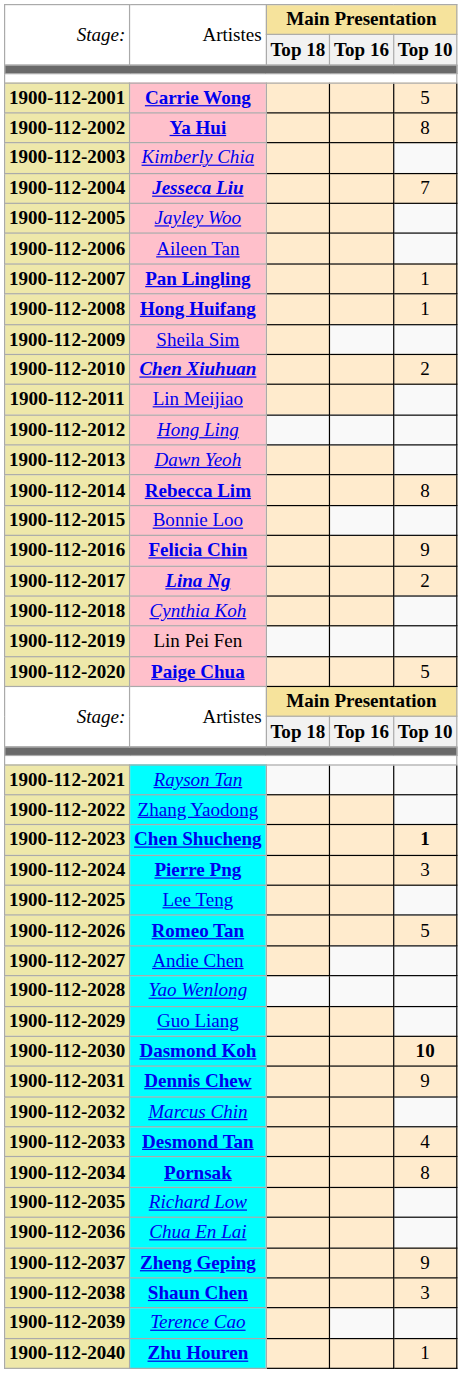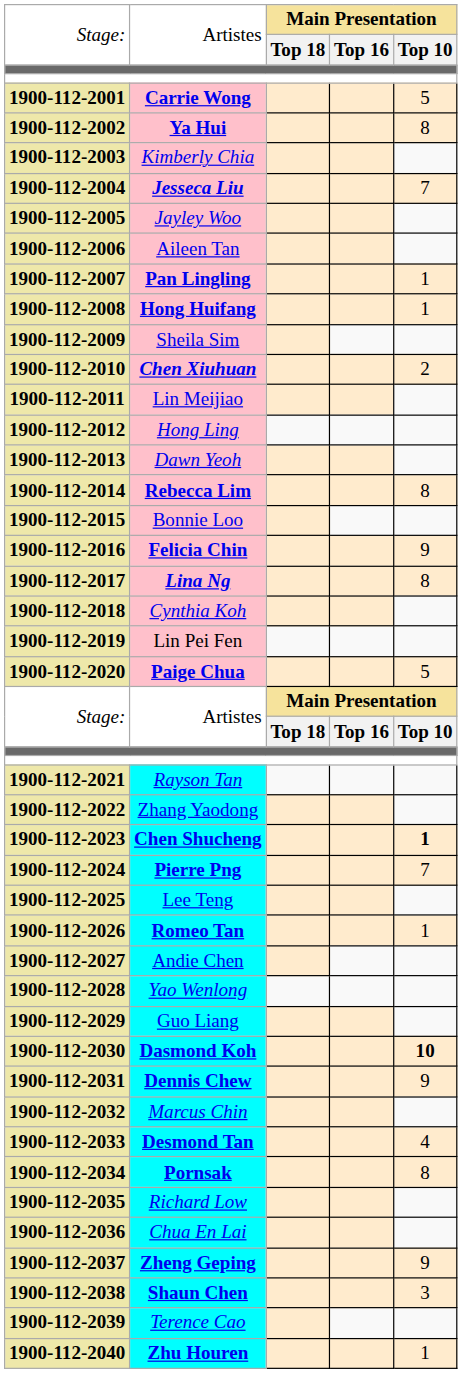 <table class="wikitable">
 <tr>
 <td colspan=1 bgcolor="White" align="right" rowspan="2"><em>Stage:</em></td>
 <td rowspan=2 bgcolor="White" align="right">Artistes</td>
 <td colspan=4 bgcolor="#f6e39c" align="center"><strong>Main Presentation</strong></td>
 </tr>
 <tr>
 <th align="center">Top 18</th>
 <th align="center">Top 16</th>
 <th align="center">Top 10</th>
 </tr>
 <tr>
 <td colspan=5 bgcolor="#696969" align="center"></td>
 </tr>
 <tr>
 <td colspan=5 bgcolor="White"></td>
 </tr>
 <tr>
 <td bgcolor="palegoldenrod" align="center"><strong>1900-112-2001</strong></td>
 <td bgcolor="Pink" align="center"><strong><a href='#'>Carrie Wong</a></strong></td>
 <td style="background:#FFEBCD; border:1px solid black; text-align:center;"></td>
 <td style="background:#FFEBCD; border:1px solid black; text-align:center;"></td>
 <td style="background:#FFEBCD; border:1px solid black; text-align:center;">5</td>
 </tr>
 <tr>
 <td bgcolor="palegoldenrod" align="center"><strong>1900-112-2002</strong></td>
 <td bgcolor="pink" align="center"><strong><a href='#'>Ya Hui</a></strong></td>
 <td style="background:#FFEBCD; border:1px solid black; text-align:center;"></td>
 <td style="background:#FFEBCD; border:1px solid black; text-align:center;"></td>
 <td style="background:#FFEBCD; border:1px solid black; text-align:center;">8</td>
 </tr>
 <tr>
 <td bgcolor="palegoldenrod" align="center"><strong>1900-112-2003</strong></td>
 <td bgcolor="pink" align="center"><em><a href='#'>Kimberly Chia</a></em></td>
 <td style="background:#FFEBCD; border:1px solid black; text-align:center;"></td>
 <td style="background:#FFEBCD; border:1px solid black; text-align:center;"></td>
 <td style="border:1px solid black;"></td>
 </tr>
 <tr>
 <td bgcolor="palegoldenrod" align="center"><strong>1900-112-2004</strong></td>
 <td bgcolor="pink" align="center"><strong><em><a href='#'>Jesseca Liu</a></em></strong></td>
 <td style="background:#FFEBCD; border:1px solid black; text-align:center;"></td>
 <td style="background:#FFEBCD; border:1px solid black; text-align:center;"></td>
 <td style="background:#FFEBCD; border:1px solid black; text-align:center;">7</td>
 </tr>
 <tr>
 <td bgcolor="palegoldenrod" align="center"><strong>1900-112-2005</strong></td>
 <td bgcolor="pink" align="center"><em><a href='#'>Jayley Woo</a></em></td>
 <td style="background:#FFEBCD; border:1px solid black; text-align:center;"></td>
 <td style="background:#FFEBCD; border:1px solid black; text-align:center;"></td>
 <td style="border:1px solid black;"></td>
 </tr>
 <tr>
 <td bgcolor="palegoldenrod" align="center"><strong>1900-112-2006</strong></td>
 <td bgcolor="pink" align="center"><a href='#'>Aileen Tan</a></td>
 <td style="background:#FFEBCD; border:1px solid black; text-align:center;"></td>
 <td style="background:#FFEBCD; border:1px solid black; text-align:center;"></td>
 <td style="border:1px solid black;"></td>
 </tr>
 <tr>
 <td bgcolor="palegoldenrod" align="center"><strong>1900-112-2007</strong></td>
 <td bgcolor="pink" align="center"><strong><a href='#'>Pan Lingling</a></strong></td>
 <td style="background:#FFEBCD; border:1px solid black; text-align:center;"></td>
 <td style="background:#FFEBCD; border:1px solid black; text-align:center;"></td>
 <td style="background:#FFEBCD; border:1px solid black; text-align:center;">1</td>
 </tr>
 <tr>
 <td bgcolor="palegoldenrod" align="center"><strong>1900-112-2008</strong></td>
 <td bgcolor="pink" align="center"><strong><a href='#'>Hong Huifang</a></strong></td>
 <td style="background:#FFEBCD; border:1px solid black; text-align:center;"></td>
 <td style="background:#FFEBCD; border:1px solid black; text-align:center;"></td>
 <td style="background:#FFEBCD; border:1px solid black; text-align:center;">1</td>
 </tr>
 <tr>
 <td bgcolor="palegoldenrod" align="center"><strong>1900-112-2009</strong></td>
 <td bgcolor="pink" align="center"><a href='#'>Sheila Sim</a></td>
 <td style="background:#FFEBCD; border:1px solid black; text-align:center;"></td>
 <td style="border:1px solid black;"></td>
 <td style="border:1px solid black;"></td>
 </tr>
 <tr>
 <td bgcolor="palegoldenrod" align="center"><strong>1900-112-2010</strong></td>
 <td bgcolor="pink" align="center"><strong><em><a href='#'>Chen Xiuhuan</a></em></strong></td>
 <td style="background:#FFEBCD; border:1px solid black; text-align:center;"></td>
 <td style="background:#FFEBCD; border:1px solid black; text-align:center;"></td>
 <td style="background:#FFEBCD; border:1px solid black; text-align:center;">2</td>
 </tr>
 <tr>
 <td bgcolor="palegoldenrod" align="center"><strong>1900-112-2011</strong></td>
 <td bgcolor="pink" align="center"><a href='#'>Lin Meijiao</a></td>
 <td style="background:#FFEBCD; border:1px solid black; text-align:center;"></td>
 <td style="background:#FFEBCD; border:1px solid black; text-align:center;"></td>
 <td style="border:1px solid black;"></td>
 </tr>
 <tr>
 <td bgcolor="palegoldenrod" align="center"><strong>1900-112-2012</strong></td>
 <td bgcolor="pink" align="center"><em><a href='#'>Hong Ling</a></em></td>
 <td style="border:1px solid black;"></td>
 <td style="border:1px solid black;"></td>
 <td style="border:1px solid black;"></td>
 </tr>
 <tr>
 <td bgcolor="palegoldenrod" align="center"><strong>1900-112-2013</strong></td>
 <td bgcolor="pink" align="center"><em><a href='#'>Dawn Yeoh</a></em></td>
 <td style="background:#FFEBCD; border:1px solid black; text-align:center;"></td>
 <td style="background:#FFEBCD; border:1px solid black; text-align:center;"></td>
 <td style="border:1px solid black;"></td>
 </tr>
 <tr>
 <td bgcolor="palegoldenrod" align="center"><strong>1900-112-2014</strong></td>
 <td bgcolor="pink" align="center"><strong><a href='#'>Rebecca Lim</a></strong></td>
 <td style="background:#FFEBCD; border:1px solid black; text-align:center;"></td>
 <td style="background:#FFEBCD; border:1px solid black; text-align:center;"></td>
 <td style="background:#FFEBCD; border:1px solid black; text-align:center;">8</td>
 </tr>
 <tr>
 <td bgcolor="palegoldenrod" align="center"><strong>1900-112-2015</strong></td>
 <td bgcolor="pink" align="center"><a href='#'>Bonnie Loo</a></td>
 <td style="background:#FFEBCD; border:1px solid black; text-align:center;"></td>
 <td style="border:1px solid black;"></td>
 <td style="border:1px solid black;"></td>
 </tr>
 <tr>
 <td bgcolor="palegoldenrod" align="center"><strong>1900-112-2016</strong></td>
 <td bgcolor="pink" align="center"><strong><a href='#'>Felicia Chin</a></strong></td>
 <td style="background:#FFEBCD; border:1px solid black; text-align:center;"></td>
 <td style="background:#FFEBCD; border:1px solid black; text-align:center;"></td>
 <td style="background:#FFEBCD; border:1px solid black; text-align:center;">9</td>
 </tr>
 <tr>
 <td bgcolor="palegoldenrod" align="center"><strong>1900-112-2017</strong></td>
 <td bgcolor="pink" align="center"><strong><em><a href='#'>Lina Ng</a></em></strong></td>
 <td style="background:#FFEBCD; border:1px solid black; text-align:center;"></td>
 <td style="background:#FFEBCD; border:1px solid black; text-align:center;"></td>
-<td style="background:#FFEBCD; border:1px solid black; text-align:center;">2</td>
+<td style="background:#FFEBCD; border:1px solid black; text-align:center;">8</td>
 </tr>
 <tr>
 <td bgcolor="palegoldenrod" align="center"><strong>1900-112-2018</strong></td>
 <td bgcolor="pink" align="center"><em><a href='#'>Cynthia Koh</a></em></td>
 <td style="background:#FFEBCD; border:1px solid black; text-align:center;"></td>
 <td style="background:#FFEBCD; border:1px solid black; text-align:center;"></td>
 <td style="border:1px solid black;"></td>
 </tr>
 <tr>
 <td bgcolor="palegoldenrod" align="center"><strong>1900-112-2019</strong></td>
 <td bgcolor="pink" align="center">Lin Pei Fen</td>
 <td style="border:1px solid black;"></td>
 <td style="border:1px solid black;"></td>
 <td style="border:1px solid black;"></td>
 </tr>
 <tr>
 <td bgcolor="palegoldenrod" align="center"><strong>1900-112-2020</strong></td>
 <td bgcolor="pink" align="center"><strong><a href='#'>Paige Chua</a></strong></td>
 <td style="background:#FFEBCD; border:1px solid black; text-align:center;"></td>
 <td style="background:#FFEBCD; border:1px solid black; text-align:center;"></td>
 <td style="background:#FFEBCD; border:1px solid black; text-align:center;">5</td>
 </tr>
 <tr>
 <td colspan=1 bgcolor="White" align="right" rowspan="2"><em>Stage:</em></td>
 <td rowspan=2 bgcolor="White" align="right">Artistes</td>
 <td colspan=4 bgcolor="#f6e39c" align="center"><strong>Main Presentation</strong></td>
 </tr>
 <tr>
 <th align="center">Top 18</th>
 <th align="center">Top 16</th>
 <th align="center">Top 10</th>
 </tr>
 <tr>
 <td colspan=5 bgcolor="#696969" align="center"></td>
 </tr>
 <tr>
 <td colspan=5 bgcolor="White"></td>
 </tr>
 <tr>
 <td bgcolor="palegoldenrod" align="center"><strong>1900-112-2021</strong></td>
 <td bgcolor="cyan" align="center"><em><a href='#'>Rayson Tan</a></em></td>
 <td style="border:1px solid black;"></td>
 <td style="border:1px solid black;"></td>
 <td style="border:1px solid black;"></td>
 </tr>
 <tr>
 <td bgcolor="palegoldenrod" align="center"><strong>1900-112-2022</strong></td>
 <td bgcolor="cyan" align="center"><a href='#'>Zhang Yaodong</a></td>
 <td style="background:#FFEBCD; border:1px solid black; text-align:center;"></td>
 <td style="background:#FFEBCD; border:1px solid black; text-align:center;"></td>
 <td style="border:1px solid black;"></td>
 </tr>
 <tr>
 <td bgcolor="palegoldenrod" align="center"><strong>1900-112-2023</strong></td>
 <td bgcolor="cyan" align="center"><strong><a href='#'>Chen Shucheng</a></strong></td>
 <td style="background:#FFEBCD; border:1px solid black; text-align:center;"></td>
 <td style="background:#FFEBCD; border:1px solid black; text-align:center;"></td>
 <td style="background:#FFEBCD; border:1px solid black; text-align:center;"><strong>1</strong></td>
 </tr>
 <tr>
 <td bgcolor="palegoldenrod" align="center"><strong>1900-112-2024</strong></td>
 <td bgcolor="cyan" align="center"><strong><a href='#'>Pierre Png</a></strong></td>
 <td style="background:#FFEBCD; border:1px solid black; text-align:center;"></td>
 <td style="background:#FFEBCD; border:1px solid black; text-align:center;"></td>
-<td style="background:#FFEBCD; border:1px solid black; text-align:center;">3</td>
+<td style="background:#FFEBCD; border:1px solid black; text-align:center;">7</td>
 </tr>
 <tr>
 <td bgcolor="palegoldenrod" align="center"><strong>1900-112-2025</strong></td>
 <td bgcolor="cyan" align="center"><a href='#'>Lee Teng</a></td>
 <td style="background:#FFEBCD; border:1px solid black; text-align:center;"></td>
 <td style="background:#FFEBCD; border:1px solid black; text-align:center;"></td>
 <td style="border:1px solid black;"></td>
 </tr>
 <tr>
 <td bgcolor="palegoldenrod" align="center"><strong>1900-112-2026</strong></td>
 <td bgcolor="cyan" align="center"><strong><a href='#'>Romeo Tan</a></strong></td>
 <td style="background:#FFEBCD; border:1px solid black; text-align:center;"></td>
 <td style="background:#FFEBCD; border:1px solid black; text-align:center;"></td>
-<td style="background:#FFEBCD; border:1px solid black; text-align:center;">5</td>
+<td style="background:#FFEBCD; border:1px solid black; text-align:center;">1</td>
 </tr>
 <tr>
 <td bgcolor="palegoldenrod" align="center"><strong>1900-112-2027</strong></td>
 <td bgcolor="cyan" align="center"><a href='#'>Andie Chen</a></td>
 <td style="background:#FFEBCD; border:1px solid black; text-align:center;"></td>
 <td style="border:1px solid black;"></td>
 <td style="border:1px solid black;"></td>
 </tr>
 <tr>
 <td bgcolor="palegoldenrod" align="center"><strong>1900-112-2028</strong></td>
 <td bgcolor="cyan" align="center"><em><a href='#'>Yao Wenlong</a></em></td>
 <td style="border:1px solid black;"></td>
 <td style="border:1px solid black;"></td>
 <td style="border:1px solid black;"></td>
 </tr>
 <tr>
 <td bgcolor="palegoldenrod" align="center"><strong>1900-112-2029</strong></td>
 <td bgcolor="cyan" align="center"><a href='#'>Guo Liang</a></td>
 <td style="background:#FFEBCD; border:1px solid black; text-align:center;"></td>
 <td style="background:#FFEBCD; border:1px solid black; text-align:center;"></td>
 <td style="border:1px solid black;"></td>
 </tr>
 <tr>
 <td bgcolor="palegoldenrod" align="center"><strong>1900-112-2030</strong></td>
 <td bgcolor="cyan" align="center"><strong><a href='#'>Dasmond Koh</a></strong></td>
 <td style="background:#FFEBCD; border:1px solid black; text-align:center;"></td>
 <td style="background:#FFEBCD; border:1px solid black; text-align:center;"></td>
 <td style="background:#FFEBCD; border:1px solid black; text-align:center;"><strong>10</strong></td>
 </tr>
 <tr>
 <td bgcolor="palegoldenrod" align="center"><strong>1900-112-2031</strong></td>
 <td bgcolor="cyan" align="center"><strong><a href='#'>Dennis Chew</a></strong></td>
 <td style="background:#FFEBCD; border:1px solid black; text-align:center;"></td>
 <td style="background:#FFEBCD; border:1px solid black; text-align:center;"></td>
 <td style="background:#FFEBCD; border:1px solid black; text-align:center;">9</td>
 </tr>
 <tr>
 <td bgcolor="palegoldenrod" align="center"><strong>1900-112-2032</strong></td>
 <td bgcolor="cyan" align="center"><em><a href='#'>Marcus Chin</a></em></td>
 <td style="background:#FFEBCD; border:1px solid black; text-align:center;"></td>
 <td style="background:#FFEBCD; border:1px solid black; text-align:center;"></td>
 <td style="border:1px solid black;"></td>
 </tr>
 <tr>
 <td bgcolor="palegoldenrod" align="center"><strong>1900-112-2033</strong></td>
 <td bgcolor="cyan" align="center"><strong><a href='#'>Desmond Tan</a></strong></td>
 <td style="background:#FFEBCD; border:1px solid black; text-align:center;"></td>
 <td style="background:#FFEBCD; border:1px solid black; text-align:center;"></td>
 <td style="background:#FFEBCD; border:1px solid black; text-align:center;">4</td>
 </tr>
 <tr>
 <td bgcolor="palegoldenrod" align="center"><strong>1900-112-2034</strong></td>
 <td bgcolor="cyan" align="center"><strong><a href='#'>Pornsak</a></strong></td>
 <td style="background:#FFEBCD; border:1px solid black; text-align:center;"></td>
 <td style="background:#FFEBCD; border:1px solid black; text-align:center;"></td>
 <td style="background:#FFEBCD; border:1px solid black; text-align:center;">8</td>
 </tr>
 <tr>
 <td bgcolor="palegoldenrod" align="center"><strong>1900-112-2035</strong></td>
 <td bgcolor="cyan" align="center"><em><a href='#'>Richard Low</a></em></td>
 <td style="background:#FFEBCD; border:1px solid black; text-align:center;"></td>
 <td style="background:#FFEBCD; border:1px solid black; text-align:center;"></td>
 <td style="border:1px solid black;"></td>
 </tr>
 <tr>
 <td bgcolor="palegoldenrod" align="center"><strong>1900-112-2036</strong></td>
 <td bgcolor="cyan" align="center"><em><a href='#'>Chua En Lai</a></em></td>
 <td style="background:#FFEBCD; border:1px solid black; text-align:center;"></td>
 <td style="background:#FFEBCD; border:1px solid black; text-align:center;"></td>
 <td style="border:1px solid black;"></td>
 </tr>
 <tr>
 <td bgcolor="palegoldenrod" align="center"><strong>1900-112-2037</strong></td>
 <td bgcolor="cyan" align="center"><strong><a href='#'>Zheng Geping</a></strong></td>
 <td style="background:#FFEBCD; border:1px solid black; text-align:center;"></td>
 <td style="background:#FFEBCD; border:1px solid black; text-align:center;"></td>
 <td style="background:#FFEBCD; border:1px solid black; text-align:center;">9</td>
 </tr>
 <tr>
 <td bgcolor="palegoldenrod" align="center"><strong>1900-112-2038</strong></td>
 <td bgcolor="cyan" align="center"><strong><a href='#'>Shaun Chen</a></strong></td>
 <td style="background:#FFEBCD; border:1px solid black; text-align:center;"></td>
 <td style="background:#FFEBCD; border:1px solid black; text-align:center;"></td>
 <td style="background:#FFEBCD; border:1px solid black; text-align:center;">3</td>
 </tr>
 <tr>
 <td bgcolor="palegoldenrod" align="center"><strong>1900-112-2039</strong></td>
 <td bgcolor="cyan" align="center"><em><a href='#'>Terence Cao</a></em></td>
 <td style="background:#FFEBCD; border:1px solid black; text-align:center;"></td>
 <td style="border:1px solid black;"></td>
 <td style="border:1px solid black;"></td>
 </tr>
 <tr>
 <td bgcolor="palegoldenrod" align="center"><strong>1900-112-2040</strong></td>
 <td bgcolor="cyan" align="center"><strong><a href='#'>Zhu Houren</a></strong></td>
 <td style="background:#FFEBCD; border:1px solid black; text-align:center;"></td>
 <td style="background:#FFEBCD; border:1px solid black; text-align:center;"></td>
 <td style="background:#FFEBCD; border:1px solid black; text-align:center;">1</td>
 </tr>
 </table>
